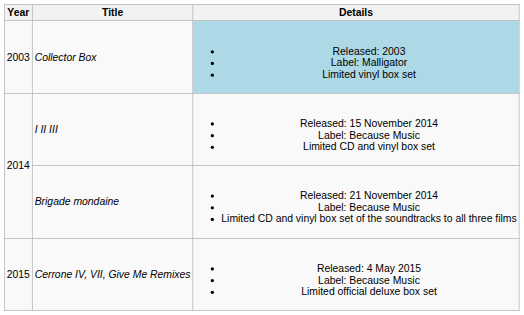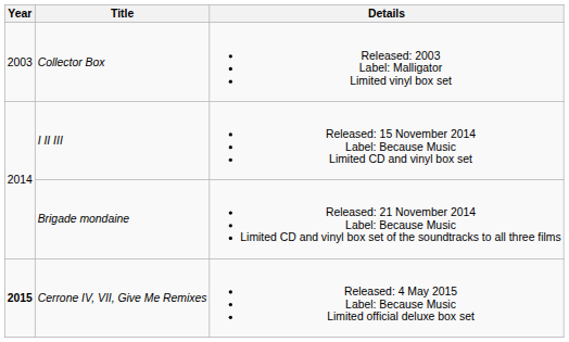 <table class="wikitable" style="text-align:center">
 <tr>
 <th>Year</th>
 <th>Title</th>
 <th>Details</th>
 </tr>
 <tr>
 <td>2003</td>
 <td align="left"><em>Collector Box</em></td>
-<td style="background: lightblue;"><br><ul><li>Released: 2003</li><li>Label: Malligator</li><li>Limited vinyl box set</li></ul></td>
+<td><br><ul><li>Released: 2003</li><li>Label: Malligator</li><li>Limited vinyl box set</li></ul></td>
 </tr>
 <tr>
 <td rowspan="2">2014</td>
 <td align="left"><em>I II III</em></td>
 <td><br><ul><li>Released: 15 November 2014</li><li>Label: Because Music</li><li>Limited CD and vinyl box set</li></ul></td>
 </tr>
 <tr>
 <td align="left"><em>Brigade mondaine</em></td>
 <td><br><ul><li>Released: 21 November 2014</li><li>Label: Because Music</li><li>Limited CD and vinyl box set of the soundtracks to all three films</li></ul></td>
 </tr>
 <tr>
-<td>2015</td>
+<td><strong>2015</strong></td>
 <td align="left"><em>Cerrone IV, VII, Give Me Remixes</em></td>
 <td><br><ul><li>Released: 4 May 2015</li><li>Label: Because Music</li><li>Limited official deluxe box set</li></ul></td>
 </tr>
 </table>
